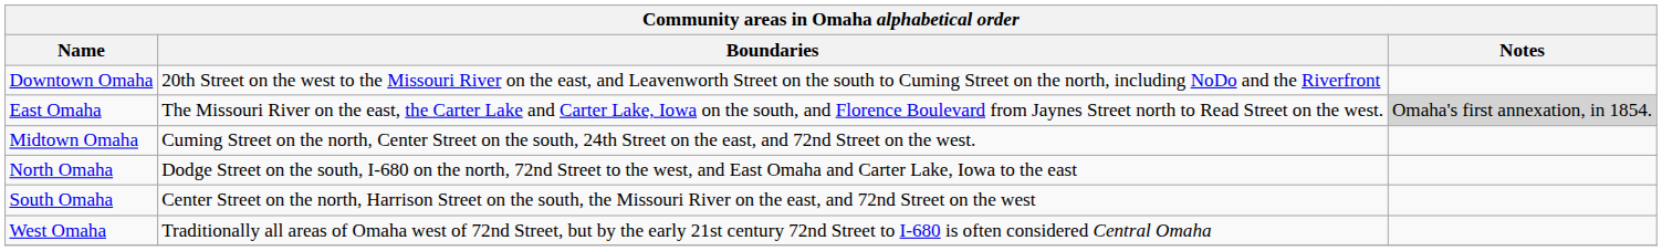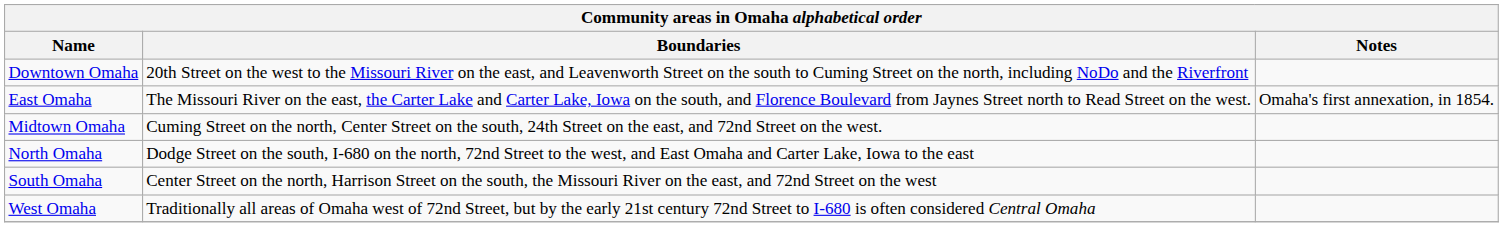 <table class="wikitable">
 <tr>
 <th align="center" colspan="6"><strong>Community areas in Omaha</strong> <em>alphabetical order</em></th>
 </tr>
 <tr>
 <th>Name</th>
 <th>Boundaries</th>
 <th>Notes</th>
 </tr>
 <tr>
 <td><a href='#'>Downtown Omaha</a></td>
 <td>20th Street on the west to the <a href='#'>Missouri River</a> on the east, and Leavenworth Street on the south to Cuming Street on the north, including <a href='#'>NoDo</a> and the <a href='#'>Riverfront</a></td>
 <td></td>
 </tr>
 <tr>
 <td><a href='#'>East Omaha</a></td>
 <td>The Missouri River on the east, <a href='#'>the Carter Lake</a> and <a href='#'>Carter Lake, Iowa</a> on the south, and <a href='#'>Florence Boulevard</a> from Jaynes Street north to Read Street on the west.</td>
-<td style="background: lightgrey;">Omaha's first annexation, in 1854.</td>
+<td>Omaha's first annexation, in 1854.</td>
 </tr>
 <tr>
 <td><a href='#'>Midtown Omaha</a></td>
 <td>Cuming Street on the north, Center Street on the south, 24th Street on the east, and 72nd Street on the west.</td>
 <td></td>
 </tr>
 <tr>
 <td><a href='#'>North Omaha</a></td>
 <td>Dodge Street on the south, I-680 on the north, 72nd Street to the west, and East Omaha and Carter Lake, Iowa to the east</td>
 <td></td>
 </tr>
 <tr>
 <td><a href='#'>South Omaha</a></td>
 <td>Center Street on the north, Harrison Street on the south, the Missouri River on the east, and 72nd Street on the west</td>
 <td></td>
 </tr>
 <tr>
 <td><a href='#'>West Omaha</a></td>
 <td>Traditionally all areas of Omaha west of 72nd Street, but by the early 21st century 72nd Street to <a href='#'>I-680</a> is often considered <em>Central Omaha</em></td>
 <td></td>
 </tr>
 <tr>
 </tr>
 </table>
